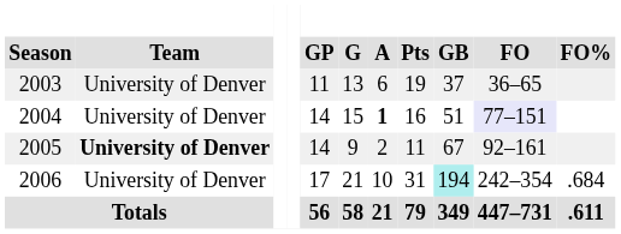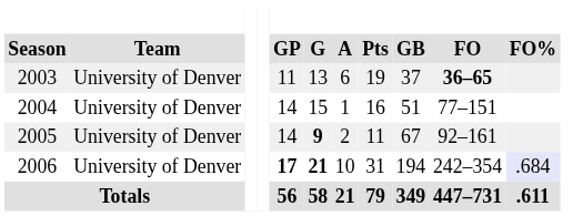 <table BORDER="0" CELLPADDING="3" CELLSPACING="0">
 <tr ALIGN="center" bgcolor="#e0e0e0">
 <th colspan="2" bgcolor="#ffffff"> </th>
 <th rowspan="99" bgcolor="#ffffff"> </th>
 <th rowspan="99" bgcolor="#ffffff"> </th>
 </tr>
 <tr ALIGN="center" bgcolor="#e0e0e0">
 <th>Season</th>
 <th>Team</th>
 <th>GP</th>
 <th>G</th>
 <th>A</th>
 <th>Pts</th>
 <th>GB</th>
 <th>FO</th>
 <th>FO%</th>
 </tr>
 <tr ALIGN="center" bgcolor="#f0f0f0">
 <td>2003</td>
 <td>University of Denver</td>
 <td>11</td>
 <td>13</td>
 <td>6</td>
 <td>19</td>
 <td>37</td>
-<td>36–65</td>
+<td><strong>36–65</strong></td>
 <td></td>
 </tr>
 <tr ALIGN="center">
 <td>2004</td>
 <td>University of Denver</td>
 <td>14</td>
 <td>15</td>
-<td><strong>1</strong></td>
+<td>1</td>
 <td>16</td>
 <td>51</td>
-<td style="background: lavender;">77–151</td>
+<td>77–151</td>
 <td></td>
 </tr>
 <tr ALIGN="center" bgcolor="#f0f0f0">
 <td>2005</td>
-<td><strong>University of Denver</strong></td>
+<td>University of Denver</td>
 <td>14</td>
-<td>9</td>
+<td><strong>9</strong></td>
 <td>2</td>
 <td>11</td>
 <td>67</td>
 <td>92–161</td>
 <td></td>
 </tr>
 <tr ALIGN="center">
 <td>2006</td>
 <td>University of Denver</td>
-<td>17</td>
-<td>21</td>
+<td><strong>17</strong></td>
+<td><strong>21</strong></td>
 <td>10</td>
 <td>31</td>
-<td style="background: paleturquoise;">194</td>
+<td>194</td>
 <td>242–354</td>
-<td>.684</td>
+<td style="background: lavender;">.684</td>
 </tr>
 <tr ALIGN="center" bgcolor="#e0e0e0">
 <th colspan="2">Totals</th>
 <th>56</th>
 <th>58</th>
 <th>21</th>
 <th>79</th>
 <th>349</th>
 <th>447–731</th>
 <th>.611</th>
 </tr>
 </table>
